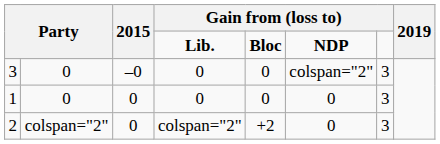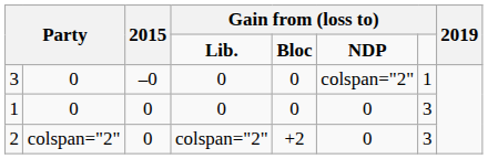 <table class="wikitable"  style="text-align:center;">
 <tr>
 <th rowspan="2" colspan="2">Party</th>
 <th rowspan="2">2015</th>
 <th colspan="6">Gain from (loss to)</th>
 <th rowspan="2">2019</th>
 </tr>
 <tr>
 <td><strong>Lib.</strong></td>
 <td><strong>Bloc</strong></td>
 <td><strong>NDP</strong></td>
 </tr>
 <tr>
 <td>3</td>
 <td>0</td>
 <td>–0</td>
 <td>0</td>
 <td>0</td>
 <td>colspan="2" </td>
-<td>3</td>
+<td>1</td>
 </tr>
 <tr>
 <td>1</td>
 <td>0</td>
 <td>0</td>
 <td>0</td>
 <td>0</td>
 <td>0</td>
 <td>3</td>
 </tr>
 <tr>
 <td>2</td>
 <td>colspan="2" </td>
 <td>0</td>
 <td>colspan="2" </td>
 <td>+2</td>
 <td>0</td>
 <td>3</td>
 </tr>
 </table>
